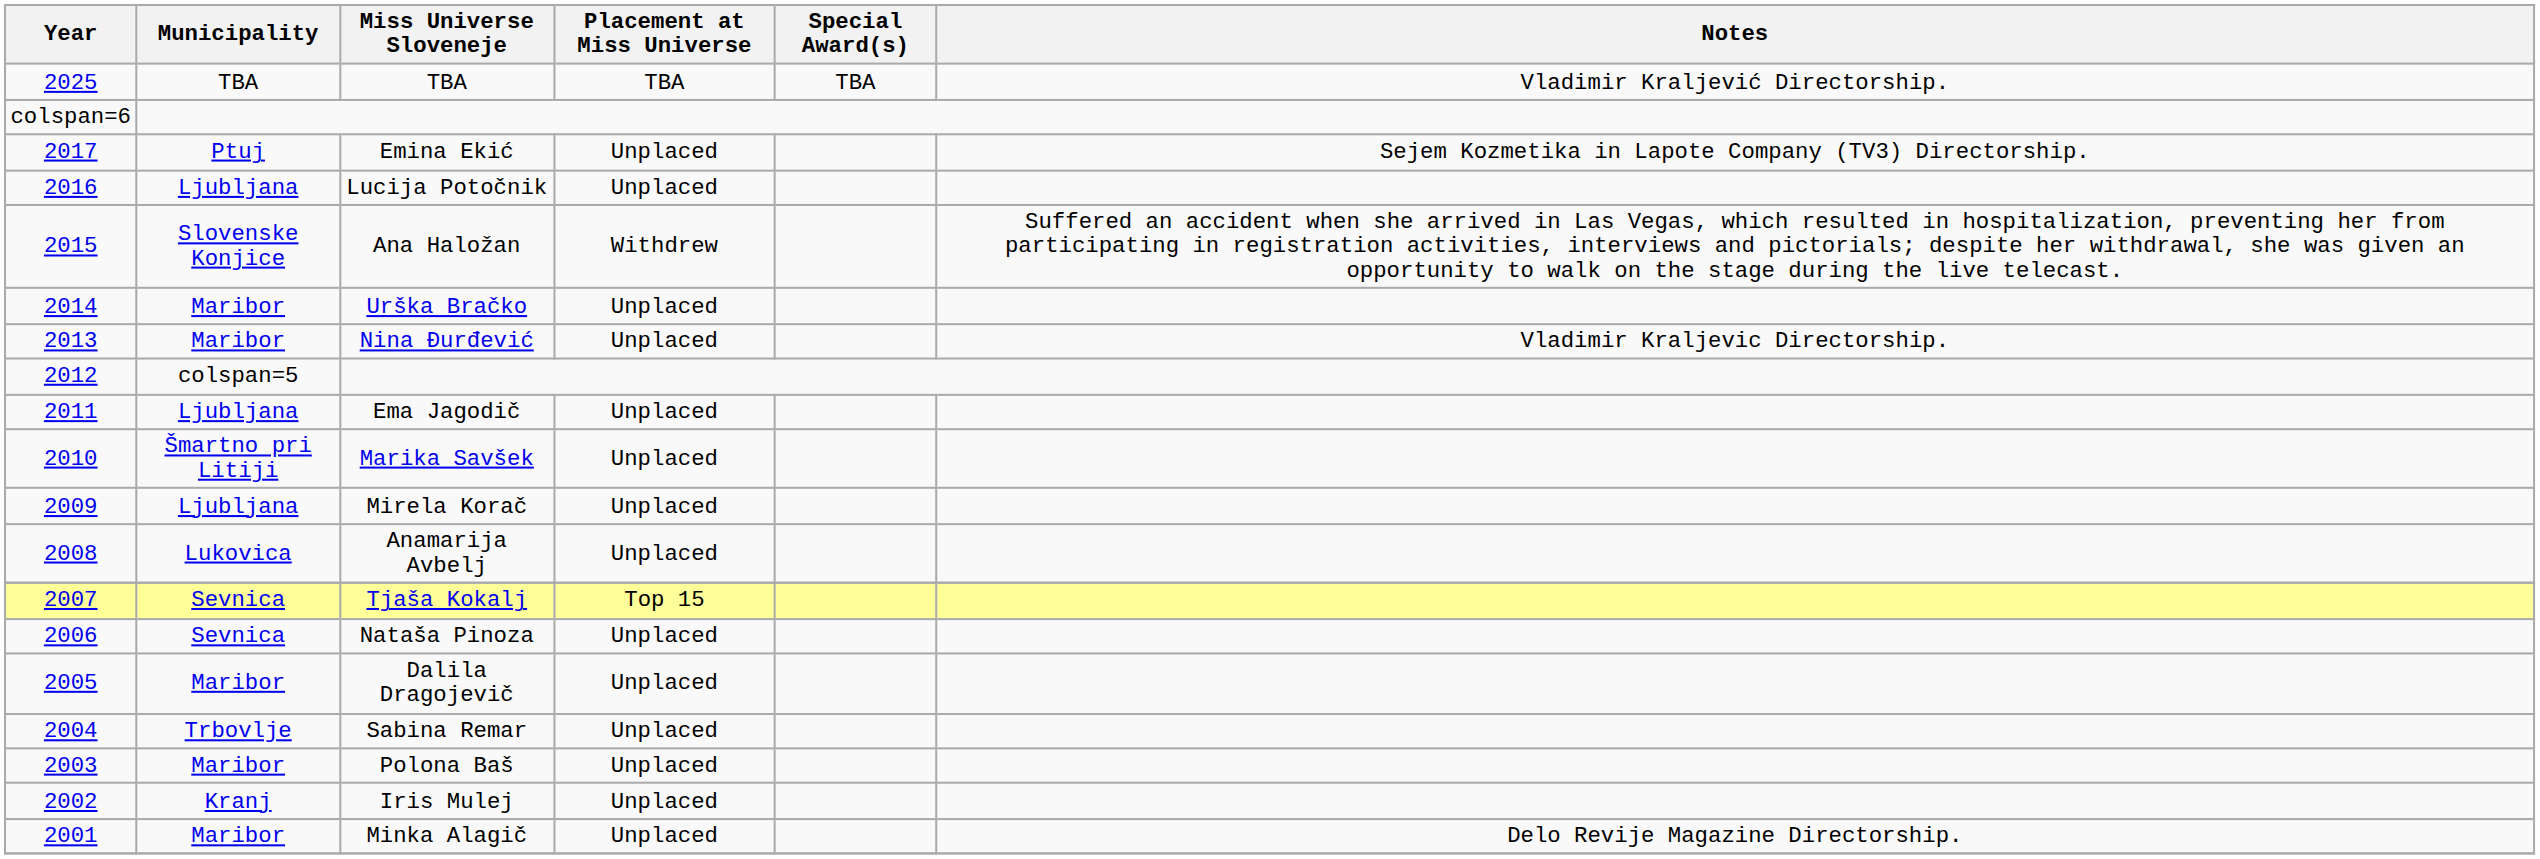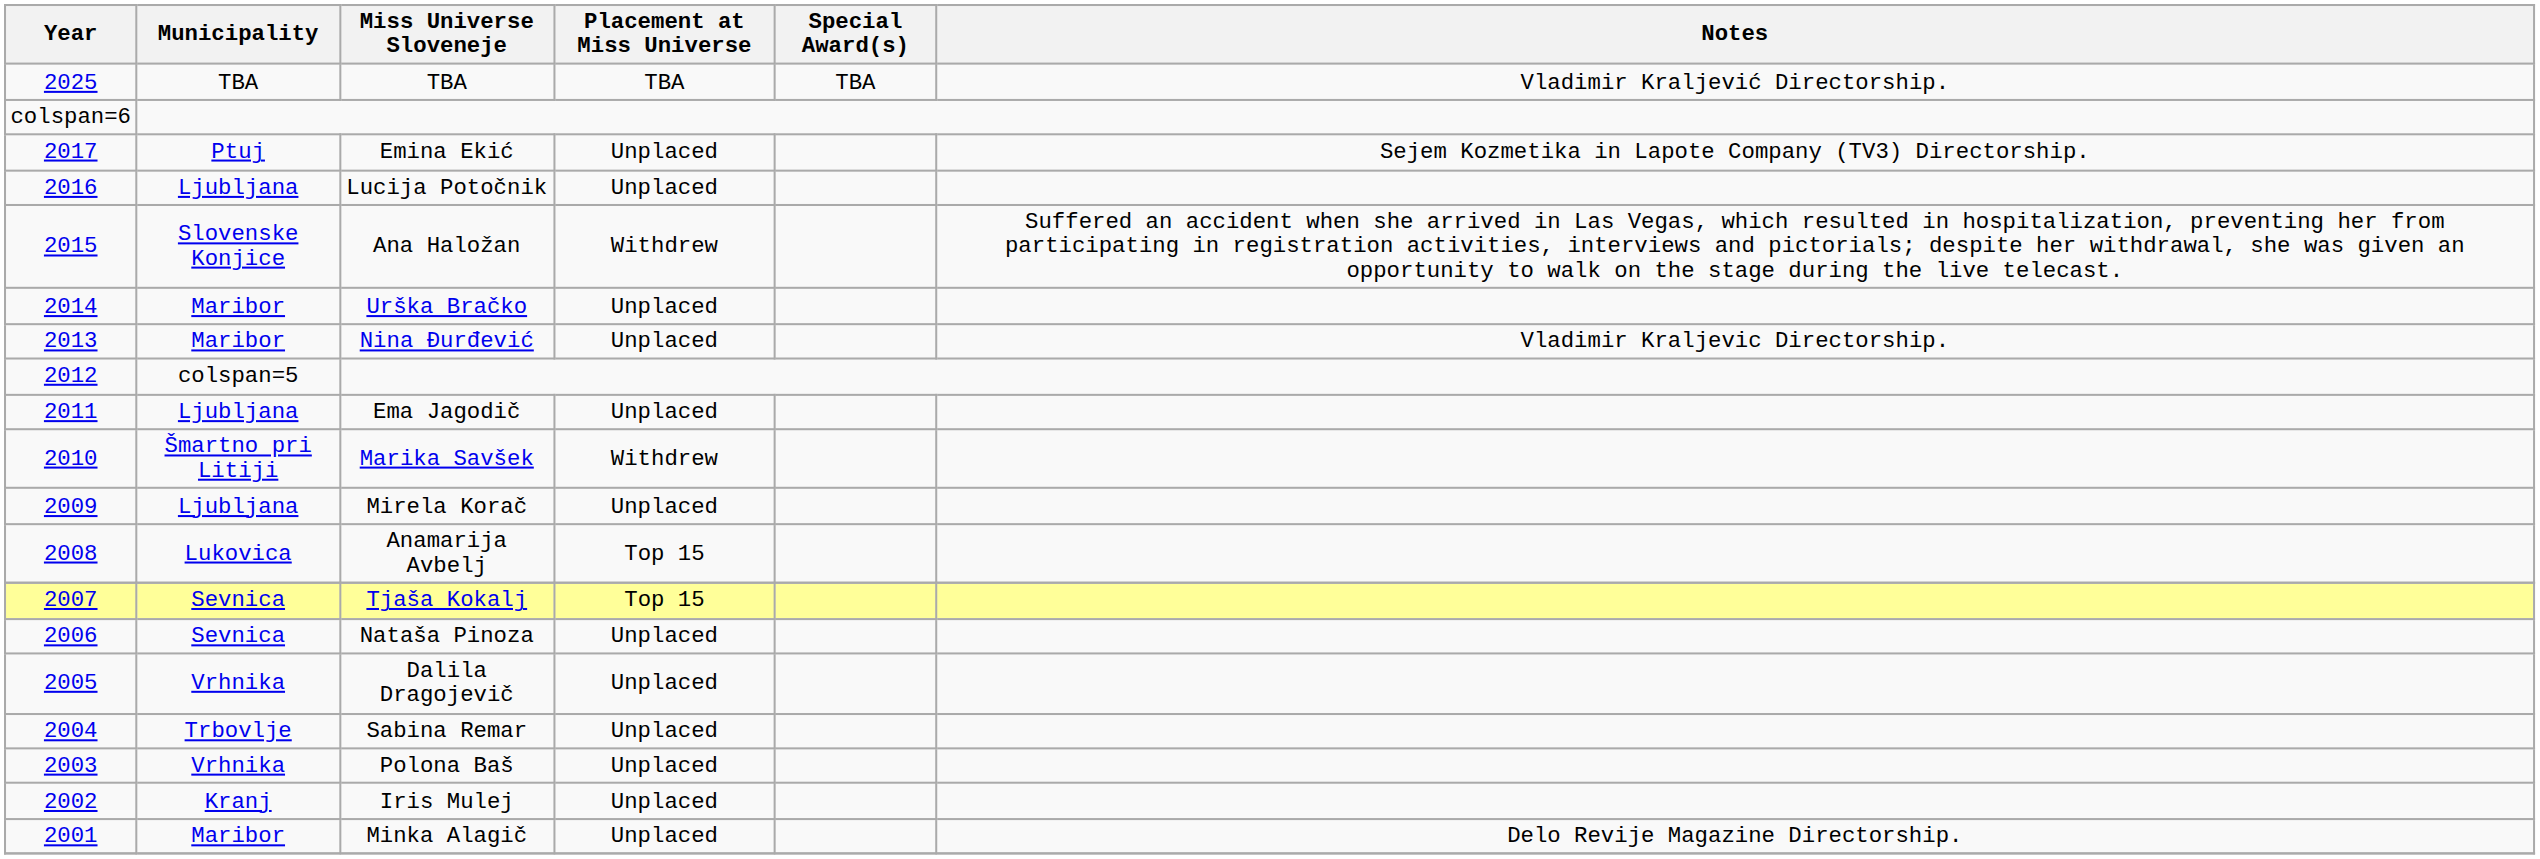 <table class="wikitable " style="font-size: 85%; text-align:center;">
 <tr>
 <th>Year</th>
 <th>Municipality</th>
 <th>Miss Universe Sloveneje</th>
 <th>Placement at Miss Universe</th>
 <th>Special Award(s)</th>
 <th>Notes</th>
 </tr>
 <tr>
 <td><a href='#'>2025</a></td>
 <td>TBA</td>
 <td>TBA</td>
 <td>TBA</td>
 <td>TBA</td>
 <td>Vladimir Kraljević Directorship.</td>
 </tr>
 <tr>
 <td>colspan=6 </td>
 </tr>
 <tr>
 <td><a href='#'>2017</a></td>
 <td><a href='#'>Ptuj</a></td>
 <td>Emina Ekić</td>
 <td>Unplaced</td>
 <td></td>
 <td>Sejem Kozmetika in Lapote Company (TV3) Directorship.</td>
 </tr>
 <tr>
 <td><a href='#'>2016</a></td>
 <td><a href='#'>Ljubljana</a></td>
 <td>Lucija Potočnik</td>
 <td>Unplaced</td>
 <td></td>
 <td></td>
 </tr>
 <tr>
 <td><a href='#'>2015</a></td>
 <td><a href='#'>Slovenske Konjice</a></td>
 <td>Ana Haložan</td>
 <td>Withdrew</td>
 <td></td>
 <td>Suffered an accident when she arrived in Las Vegas, which resulted in hospitalization, preventing her from participating in registration activities, interviews and pictorials; despite her withdrawal, she was given an opportunity to walk on the stage during the live telecast.</td>
 </tr>
 <tr>
 <td><a href='#'>2014</a></td>
 <td><a href='#'>Maribor</a></td>
 <td><a href='#'>Urška Bračko</a></td>
 <td>Unplaced</td>
 <td></td>
 <td></td>
 </tr>
 <tr>
 <td><a href='#'>2013</a></td>
 <td><a href='#'>Maribor</a></td>
 <td><a href='#'>Nina Đurđević</a></td>
 <td>Unplaced</td>
 <td></td>
 <td>Vladimir Kraljevic Directorship.</td>
 </tr>
 <tr>
 <td><a href='#'>2012</a></td>
 <td>colspan=5 </td>
 </tr>
 <tr>
 <td><a href='#'>2011</a></td>
 <td><a href='#'>Ljubljana</a></td>
 <td>Ema Jagodič</td>
 <td>Unplaced</td>
 <td></td>
 <td></td>
 </tr>
 <tr>
 <td><a href='#'>2010</a></td>
 <td><a href='#'>Šmartno pri Litiji</a></td>
 <td><a href='#'>Marika Savšek</a></td>
-<td>Unplaced</td>
+<td>Withdrew</td>
 <td></td>
 <td></td>
 </tr>
 <tr>
 <td><a href='#'>2009</a></td>
 <td><a href='#'>Ljubljana</a></td>
 <td>Mirela Korač</td>
 <td>Unplaced</td>
 <td></td>
 <td></td>
 </tr>
 <tr>
 <td><a href='#'>2008</a></td>
 <td><a href='#'>Lukovica</a></td>
 <td>Anamarija Avbelj</td>
-<td>Unplaced</td>
+<td>Top 15</td>
 <td></td>
 <td></td>
 </tr>
 <tr>
 </tr>
 <tr style="background-color:#FFFF99;">
 <td><a href='#'>2007</a></td>
 <td><a href='#'>Sevnica</a></td>
 <td><a href='#'>Tjaša Kokalj</a></td>
 <td>Top 15</td>
 <td></td>
 <td></td>
 </tr>
 <tr>
 <td><a href='#'>2006</a></td>
 <td><a href='#'>Sevnica</a></td>
 <td>Nataša Pinoza</td>
 <td>Unplaced</td>
 <td></td>
 <td></td>
 </tr>
 <tr>
 <td><a href='#'>2005</a></td>
-<td><a href='#'>Maribor</a></td>
+<td><a href='#'>Vrhnika</a></td>
 <td>Dalila Dragojevič</td>
 <td>Unplaced</td>
 <td></td>
 <td></td>
 </tr>
 <tr>
 <td><a href='#'>2004</a></td>
 <td><a href='#'>Trbovlje</a></td>
 <td>Sabina Remar</td>
 <td>Unplaced</td>
 <td></td>
 <td></td>
 </tr>
 <tr>
 <td><a href='#'>2003</a></td>
-<td><a href='#'>Maribor</a></td>
+<td><a href='#'>Vrhnika</a></td>
 <td>Polona Baš</td>
 <td>Unplaced</td>
 <td></td>
 <td></td>
 </tr>
 <tr>
 <td><a href='#'>2002</a></td>
 <td><a href='#'>Kranj</a></td>
 <td>Iris Mulej</td>
 <td>Unplaced</td>
 <td></td>
 <td></td>
 </tr>
 <tr>
 <td><a href='#'>2001</a></td>
 <td><a href='#'>Maribor</a></td>
 <td>Minka Alagič</td>
 <td>Unplaced</td>
 <td></td>
 <td>Delo Revije Magazine Directorship.</td>
 </tr>
 <tr>
 </tr>
 </table>
